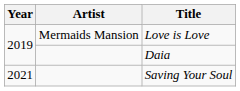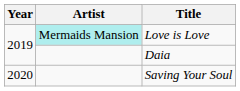 <table class="wikitable sortable">
 <tr>
 <th>Year</th>
 <th>Artist</th>
 <th>Title</th>
 </tr>
 <tr>
 <td rowspan="2">2019</td>
-<td>Mermaids Mansion</td>
+<td style="background: paleturquoise;">Mermaids Mansion</td>
 <td><em>Love is Love</em></td>
 </tr>
 <tr>
 <td></td>
 <td><em>Daia</em></td>
 </tr>
 <tr>
-<td>2021</td>
+<td>2020</td>
 <td></td>
 <td><em>Saving Your Soul</em></td>
 </tr>
 </table>
